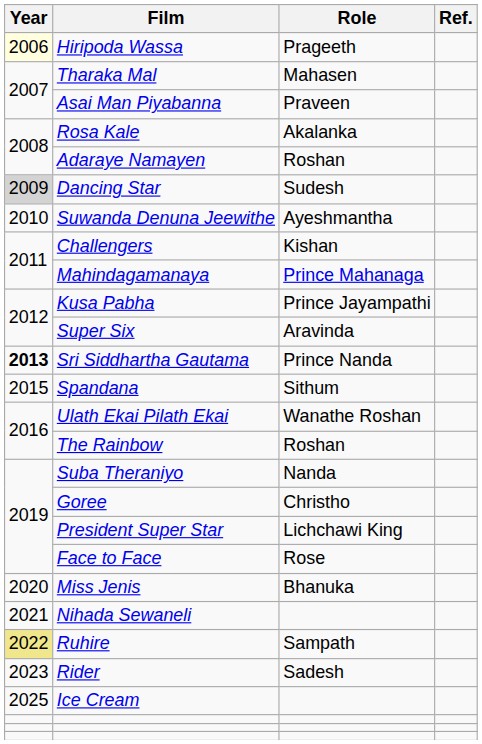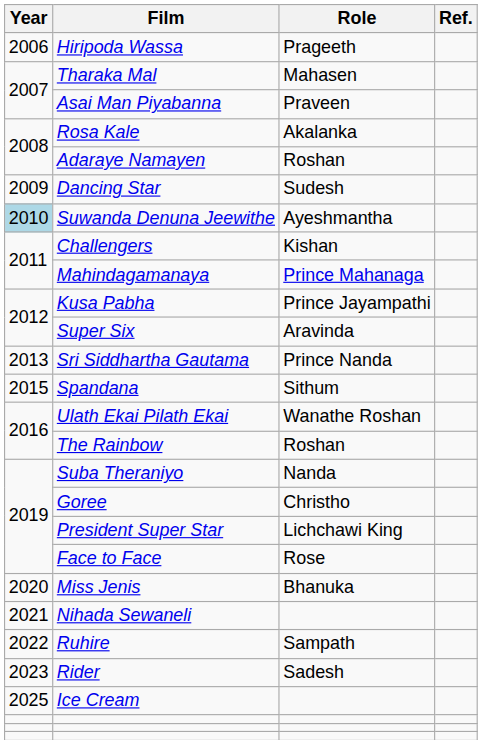 <table class="wikitable">
 <tr>
 <th>Year</th>
 <th>Film</th>
 <th>Role</th>
 <th>Ref.</th>
 </tr>
 <tr>
-<td style="background: lightyellow;">2006</td>
+<td>2006</td>
 <td><em><a href='#'>Hiripoda Wassa</a></em></td>
 <td>Prageeth</td>
 <td></td>
 </tr>
 <tr>
 <td rowspan="2">2007</td>
 <td><em><a href='#'>Tharaka Mal</a></em></td>
 <td>Mahasen</td>
 <td></td>
 </tr>
 <tr>
 <td><em><a href='#'>Asai Man Piyabanna</a></em></td>
 <td>Praveen</td>
 <td></td>
 </tr>
 <tr>
 <td rowspan="2">2008</td>
 <td><em><a href='#'>Rosa Kale</a></em></td>
 <td>Akalanka</td>
 <td></td>
 </tr>
 <tr>
 <td><em><a href='#'>Adaraye Namayen</a></em></td>
 <td>Roshan</td>
 <td></td>
 </tr>
 <tr>
-<td style="background: lightgrey;">2009</td>
+<td>2009</td>
 <td><em><a href='#'>Dancing Star</a></em></td>
 <td>Sudesh</td>
 <td></td>
 </tr>
 <tr>
-<td>2010</td>
+<td style="background: lightblue;">2010</td>
 <td><em><a href='#'>Suwanda Denuna Jeewithe</a></em></td>
 <td>Ayeshmantha</td>
 <td></td>
 </tr>
 <tr>
 <td rowspan="2">2011</td>
 <td><em><a href='#'>Challengers</a></em></td>
 <td>Kishan</td>
 <td></td>
 </tr>
 <tr>
 <td><em><a href='#'>Mahindagamanaya</a></em></td>
 <td><a href='#'>Prince Mahanaga</a></td>
 <td></td>
 </tr>
 <tr>
 <td rowspan="2">2012</td>
 <td><em><a href='#'>Kusa Pabha</a></em></td>
 <td>Prince Jayampathi</td>
 <td></td>
 </tr>
 <tr>
 <td><em><a href='#'>Super Six</a></em></td>
 <td>Aravinda</td>
 <td></td>
 </tr>
 <tr>
-<td><strong>2013</strong></td>
+<td>2013</td>
 <td><em><a href='#'>Sri Siddhartha Gautama</a></em></td>
 <td>Prince Nanda</td>
 <td></td>
 </tr>
 <tr>
 <td>2015</td>
 <td><em><a href='#'>Spandana</a></em></td>
 <td>Sithum</td>
 <td></td>
 </tr>
 <tr>
 <td rowspan="2">2016</td>
 <td><em><a href='#'>Ulath Ekai Pilath Ekai</a></em></td>
 <td>Wanathe Roshan</td>
 <td></td>
 </tr>
 <tr>
 <td><em><a href='#'>The Rainbow</a></em></td>
 <td>Roshan</td>
 <td></td>
 </tr>
 <tr>
 <td rowspan="4">2019</td>
 <td><em><a href='#'>Suba Theraniyo</a></em></td>
 <td>Nanda</td>
 <td></td>
 </tr>
 <tr>
 <td><em><a href='#'>Goree</a></em></td>
 <td>Christho</td>
 <td></td>
 </tr>
 <tr>
 <td><em><a href='#'>President Super Star</a></em></td>
 <td>Lichchawi King</td>
 <td></td>
 </tr>
 <tr>
 <td><em><a href='#'>Face to Face</a></em></td>
 <td>Rose</td>
 <td></td>
 </tr>
 <tr>
 <td>2020</td>
 <td><em><a href='#'>Miss Jenis</a></em></td>
 <td>Bhanuka</td>
 <td></td>
 </tr>
 <tr>
 <td>2021</td>
 <td><em><a href='#'>Nihada Sewaneli</a></em></td>
 <td></td>
 <td></td>
 </tr>
 <tr>
-<td style="background: khaki;">2022</td>
+<td>2022</td>
 <td><em><a href='#'>Ruhire</a></em></td>
 <td>Sampath</td>
 <td></td>
 </tr>
 <tr>
 <td>2023</td>
 <td><em><a href='#'>Rider</a></em></td>
 <td>Sadesh</td>
 <td></td>
 </tr>
 <tr>
 <td>2025</td>
 <td><em><a href='#'>Ice Cream</a></em></td>
 <td></td>
 <td></td>
 </tr>
 <tr>
 <td></td>
 <td></td>
 <td></td>
 <td></td>
 </tr>
 <tr>
 <td></td>
 <td></td>
 <td></td>
 <td></td>
 </tr>
 <tr>
 <td></td>
 <td></td>
 <td></td>
 <td></td>
 </tr>
 </table>
